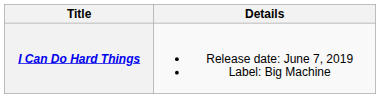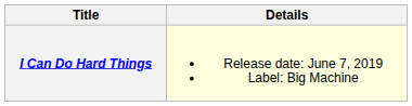 <table class="wikitable plainrowheaders" style="text-align:center;">
 <tr>
 <th style="width:12em;">Title</th>
 <th style="width:18em;">Details</th>
 </tr>
 <tr>
 <th scope="row"><em><a href='#'>I Can Do Hard Things</a></em></th>
-<td><br><ul><li>Release date: June 7, 2019</li><li>Label: Big Machine</li></ul></td>
+<td style="background: lightyellow;"><br><ul><li>Release date: June 7, 2019</li><li>Label: Big Machine</li></ul></td>
 </tr>
 </table>
